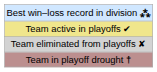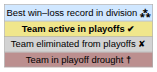 <table class="wikitable" style="font-size:95%">
 <tr>
 <td align="center" bgcolor="#D0E7FF">Best win–loss record in division <strong>⁂</strong></td>
 </tr>
 <tr>
-<td align="center" bgcolor="#F0E68C">Team active in playoffs ✔ <br></td>
+<td align="center" bgcolor="#F0E68C"><strong>Team active in playoffs ✔ <br></strong></td>
 </tr>
 <tr>
 <td align="center" bgcolor="#D3D3D3">Team eliminated from playoffs ✘ </td>
 </tr>
 <tr>
 <td align="center" bgcolor="#BC8F8F">Team in playoff drought <strong>†</strong></td>
 </tr>
 </table>
